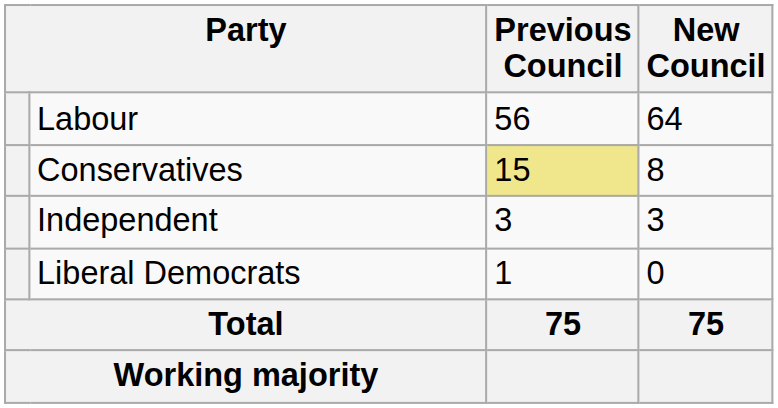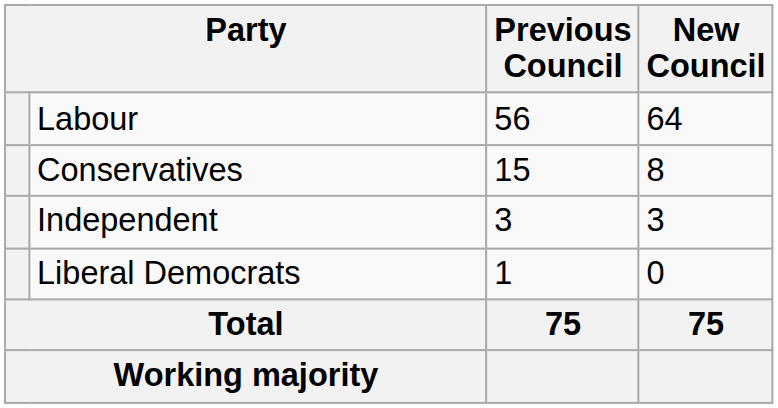 <table class="wikitable">
 <tr>
 <th colspan="2" valign="top" style="width: 230px">Party</th>
 <th valign="top" style="width: 30px">Previous Council</th>
 <th valign="top" style="width: 30px">New Council</th>
 </tr>
 <tr>
 <th style="background-color: "></th>
 <td>Labour</td>
 <td>56</td>
 <td>64</td>
 </tr>
 <tr>
 <th style="background-color: "></th>
 <td>Conservatives</td>
-<td style="background: khaki;">15</td>
+<td>15</td>
 <td>8</td>
 </tr>
 <tr>
 <th style="background-color: "></th>
 <td>Independent</td>
 <td>3</td>
 <td>3</td>
 </tr>
 <tr>
 <th style="background-color: "></th>
 <td>Liberal Democrats</td>
 <td>1</td>
 <td>0</td>
 </tr>
 <tr>
 <th colspan="2">Total</th>
 <th style="text-align: center">75</th>
 <th>75</th>
 </tr>
 <tr>
 <th colspan="2">Working majority</th>
 <th></th>
 <th></th>
 </tr>
 </table>
